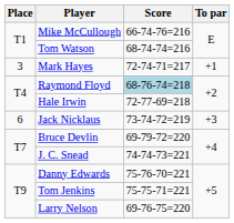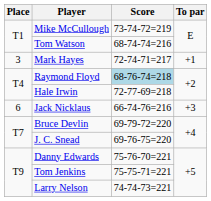 <table class="wikitable">
 <tr>
 <th>Place</th>
 <th>Player</th>
 <th>Score</th>
 <th>To par</th>
 </tr>
 <tr>
 <td rowspan=2 align=center>T1</td>
 <td> <a href='#'>Mike McCullough</a></td>
-<td align=center>66-74-76=216</td>
+<td align=center>73-74-72=219</td>
 <td rowspan=2 align=center>E</td>
 </tr>
 <tr>
 <td> <a href='#'>Tom Watson</a></td>
 <td align=center>68-74-74=216</td>
 </tr>
 <tr>
 <td align=center>3</td>
 <td> <a href='#'>Mark Hayes</a></td>
 <td align=center>72-74-71=217</td>
 <td align=center>+1</td>
 </tr>
 <tr>
 <td rowspan=2 align=center>T4</td>
 <td> <a href='#'>Raymond Floyd</a></td>
 <td align=center style="background: lightblue;">68-76-74=218</td>
 <td rowspan=2 align=center>+2</td>
 </tr>
 <tr>
 <td> <a href='#'>Hale Irwin</a></td>
 <td align=center>72-77-69=218</td>
 </tr>
 <tr>
 <td align=center>6</td>
 <td> <a href='#'>Jack Nicklaus</a></td>
-<td align=center>73-74-72=219</td>
+<td align=center>66-74-76=216</td>
 <td align=center>+3</td>
 </tr>
 <tr>
 <td rowspan=2 align=center>T7</td>
 <td> <a href='#'>Bruce Devlin</a></td>
 <td align=center>69-79-72=220</td>
 <td rowspan=2 align=center>+4</td>
 </tr>
 <tr>
 <td> <a href='#'>J. C. Snead</a></td>
-<td align=center>74-74-73=221</td>
+<td align=center>69-76-75=220</td>
 </tr>
 <tr>
 <td rowspan=3 align=center>T9</td>
 <td> <a href='#'>Danny Edwards</a></td>
 <td align=center>75-76-70=221</td>
 <td rowspan=3 align=center>+5</td>
 </tr>
 <tr>
 <td> <a href='#'>Tom Jenkins</a></td>
 <td align=center>75-75-71=221</td>
 </tr>
 <tr>
 <td> <a href='#'>Larry Nelson</a></td>
-<td align=center>69-76-75=220</td>
+<td align=center>74-74-73=221</td>
 </tr>
 </table>
